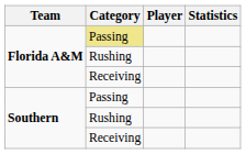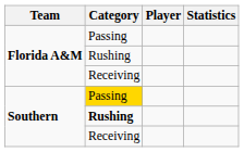 <table class="wikitable" style="float: left;">
 <tr>
 <th>Team</th>
 <th>Category</th>
 <th>Player</th>
 <th>Statistics</th>
 </tr>
 <tr>
 <td rowspan=3><strong>Florida A&M</strong></td>
-<td style="background: khaki;">Passing</td>
+<td>Passing</td>
 <td> </td>
 <td> </td>
 </tr>
 <tr>
 <td>Rushing</td>
 <td> </td>
 <td> </td>
 </tr>
 <tr>
 <td>Receiving</td>
 <td> </td>
 <td> </td>
 </tr>
 <tr>
 <td rowspan=3><strong>Southern</strong></td>
-<td>Passing</td>
+<td style="background: gold;">Passing</td>
 <td> </td>
 <td> </td>
 </tr>
 <tr>
-<td>Rushing</td>
+<td><strong>Rushing</strong></td>
 <td> </td>
 <td> </td>
 </tr>
 <tr>
 <td>Receiving</td>
 <td> </td>
 <td> </td>
 </tr>
 </table>
